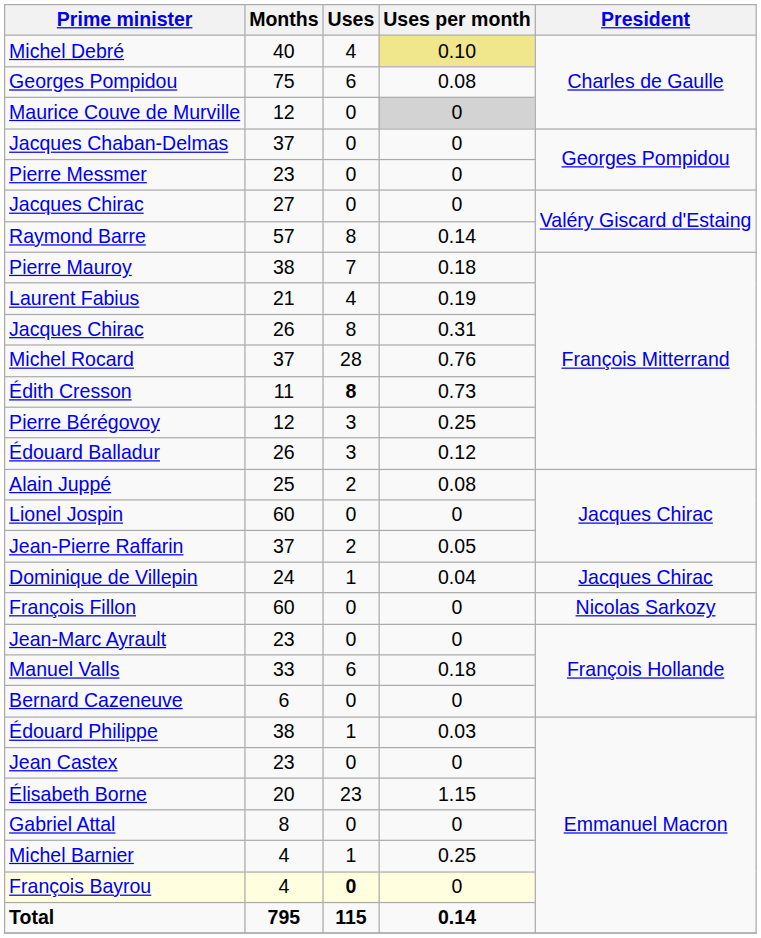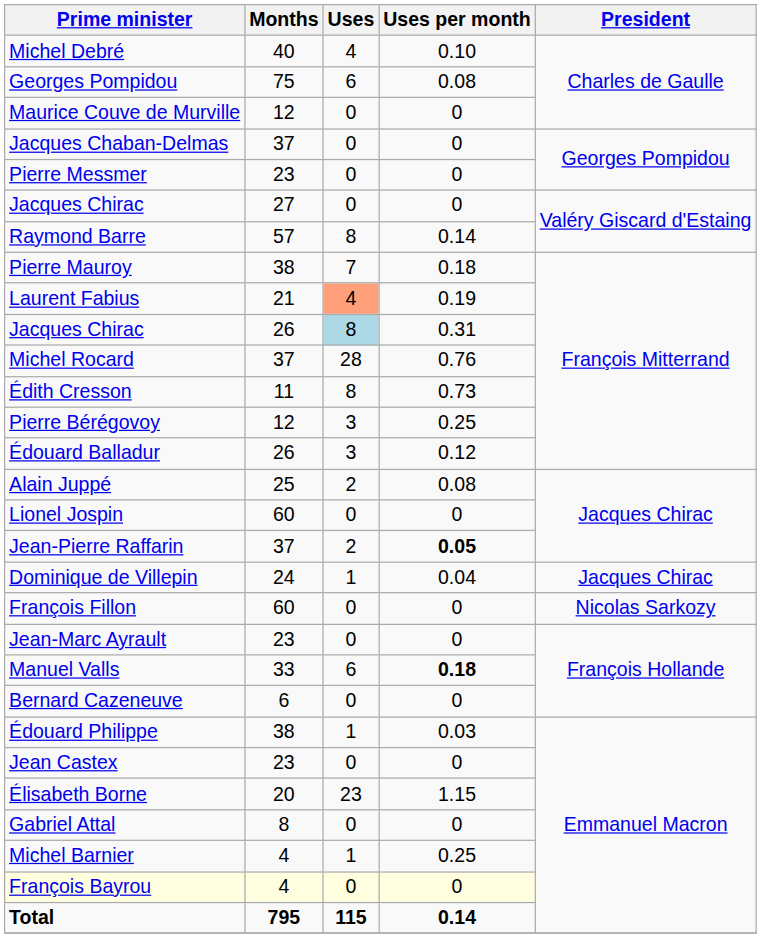 <table class="wikitable sortable">
 <tr>
 <th><a href='#'>Prime minister</a></th>
 <th>Months</th>
 <th>Uses</th>
 <th>Uses per month</th>
 <th><a href='#'>President</a></th>
 </tr>
 <tr ---->
 <td align="left"><a href='#'>Michel Debré</a></td>
 <td align="center">40</td>
 <td align="center">4</td>
-<td align="center" style="background: khaki;">0.10</td>
+<td align="center">0.10</td>
 <td rowspan="3" align="center"><a href='#'>Charles de Gaulle</a></td>
 </tr>
 <tr ---->
 <td align="left"><a href='#'>Georges Pompidou</a></td>
 <td align="center">75</td>
 <td align="center">6</td>
 <td align="center">0.08</td>
 </tr>
 <tr ---->
 <td align="left"><a href='#'>Maurice Couve de Murville</a></td>
 <td align="center">12</td>
 <td align="center">0</td>
-<td align="center" style="background: lightgrey;">0</td>
+<td align="center">0</td>
 </tr>
 <tr ---->
 <td align="left"><a href='#'>Jacques Chaban-Delmas</a></td>
 <td align="center">37</td>
 <td align="center">0</td>
 <td align="center">0</td>
 <td rowspan="2" align="center"><a href='#'>Georges Pompidou</a></td>
 </tr>
 <tr ---->
 <td align="left"><a href='#'>Pierre Messmer</a></td>
 <td align="center">23</td>
 <td align="center">0</td>
 <td align="center">0</td>
 </tr>
 <tr ---->
 <td align="left"><a href='#'>Jacques Chirac</a></td>
 <td align="center">27</td>
 <td align="center">0</td>
 <td align="center">0</td>
 <td rowspan="2" align="center"><a href='#'>Valéry Giscard d'Estaing</a></td>
 </tr>
 <tr ---->
 <td align="left"><a href='#'>Raymond Barre</a></td>
 <td align="center">57</td>
 <td align="center">8</td>
 <td align="center">0.14</td>
 </tr>
 <tr ---->
 <td align="left"><a href='#'>Pierre Mauroy</a></td>
 <td align="center">38</td>
 <td align="center">7</td>
 <td align="center">0.18</td>
 <td rowspan="7" align="center"><a href='#'>François Mitterrand</a></td>
 </tr>
 <tr ---->
 <td align="left"><a href='#'>Laurent Fabius</a></td>
 <td align="center">21</td>
-<td align="center">4</td>
+<td align="center" style="background: lightsalmon;">4</td>
 <td align="center">0.19</td>
 </tr>
 <tr ---->
 <td align="left"><a href='#'>Jacques Chirac</a></td>
 <td align="center">26</td>
-<td align="center">8</td>
+<td align="center" style="background: lightblue;">8</td>
 <td align="center">0.31</td>
 </tr>
 <tr ---->
 <td align="left"><a href='#'>Michel Rocard</a></td>
 <td align="center">37</td>
 <td align="center">28</td>
 <td align="center">0.76</td>
 </tr>
 <tr ---->
 <td align="left"><a href='#'>Édith Cresson</a></td>
 <td align="center">11</td>
-<td align="center"><strong>8</strong></td>
+<td align="center">8</td>
 <td align="center">0.73</td>
 </tr>
 <tr ---->
 <td align="left"><a href='#'>Pierre Bérégovoy</a></td>
 <td align="center">12</td>
 <td align="center">3</td>
 <td align="center">0.25</td>
 </tr>
 <tr ---->
 <td align="left"><a href='#'>Édouard Balladur</a></td>
 <td align="center">26</td>
 <td align="center">3</td>
 <td align="center">0.12</td>
 </tr>
 <tr ---->
 <td align="left"><a href='#'>Alain Juppé</a></td>
 <td align="center">25</td>
 <td align="center">2</td>
 <td align="center">0.08</td>
 <td rowspan="3" align="center"><a href='#'>Jacques Chirac</a></td>
 </tr>
 <tr ---->
 <td align="left"><a href='#'>Lionel Jospin</a></td>
 <td align="center">60</td>
 <td align="center">0</td>
 <td align="center">0</td>
 </tr>
 <tr ---->
 <td align="left"><a href='#'>Jean-Pierre Raffarin</a></td>
 <td align="center">37</td>
 <td align="center">2</td>
-<td align="center">0.05</td>
+<td align="center"><strong>0.05</strong></td>
 </tr>
 <tr ---->
 <td align="left"><a href='#'>Dominique de Villepin</a></td>
 <td align="center">24</td>
 <td align="center">1</td>
 <td align="center">0.04</td>
 <td rowspan="1" align="center"><a href='#'>Jacques Chirac</a></td>
 </tr>
 <tr ---->
 <td align="left"><a href='#'>François Fillon</a></td>
 <td align="center">60</td>
 <td align="center">0</td>
 <td align="center">0</td>
 <td rowspan="1" align="center"><a href='#'>Nicolas Sarkozy</a></td>
 </tr>
 <tr ---->
 <td align="left"><a href='#'>Jean-Marc Ayrault</a></td>
 <td align="center">23</td>
 <td align="center">0</td>
 <td align="center">0</td>
 <td rowspan="3" align="center"><a href='#'>François Hollande</a></td>
 </tr>
 <tr ---->
 <td align="left"><a href='#'>Manuel Valls</a></td>
 <td align="center">33</td>
 <td align="center">6</td>
-<td align="center">0.18</td>
+<td align="center"><strong>0.18</strong></td>
 </tr>
 <tr ---->
 <td align="left"><a href='#'>Bernard Cazeneuve</a></td>
 <td align="center">6</td>
 <td align="center">0</td>
 <td align="center">0</td>
 </tr>
 <tr ---->
 <td align="left"><a href='#'>Édouard Philippe</a></td>
 <td align="center">38</td>
 <td align="center">1</td>
 <td align="center">0.03</td>
 <td rowspan="7" align="center"><a href='#'>Emmanuel Macron</a></td>
 </tr>
 <tr ---->
 <td align="left"><a href='#'>Jean Castex</a></td>
 <td align="center">23</td>
 <td align="center">0</td>
 <td align="center">0</td>
 </tr>
 <tr ---->
 <td align="left"><a href='#'>Élisabeth Borne</a></td>
 <td align="center">20</td>
 <td align="center">23</td>
 <td align="center">1.15</td>
 </tr>
 <tr ---->
 <td align="left"><a href='#'>Gabriel Attal</a></td>
 <td align="center">8</td>
 <td align="center">0</td>
 <td align="center">0</td>
 </tr>
 <tr ---->
 <td align="left"><a href='#'>Michel Barnier</a></td>
 <td align="center">4</td>
 <td align="center">1</td>
 <td align="center">0.25</td>
 </tr>
 <tr ---->
 <td align="left" bgcolor="lightyellow"><a href='#'>François Bayrou</a></td>
 <td align="center" bgcolor="lightyellow">4</td>
-<td align="center" bgcolor="lightyellow"><strong>0</strong></td>
+<td align="center" bgcolor="lightyellow">0</td>
 <td align="center" bgcolor="lightyellow">0</td>
 </tr>
 <tr ---->
 <td align="left"><strong>Total</strong></td>
 <td align="center"><strong>795</strong></td>
 <td align="center"><strong>115</strong></td>
 <td align="center"><strong>0.14</strong></td>
 </tr>
 <tr ---->
 </tr>
 </table>
